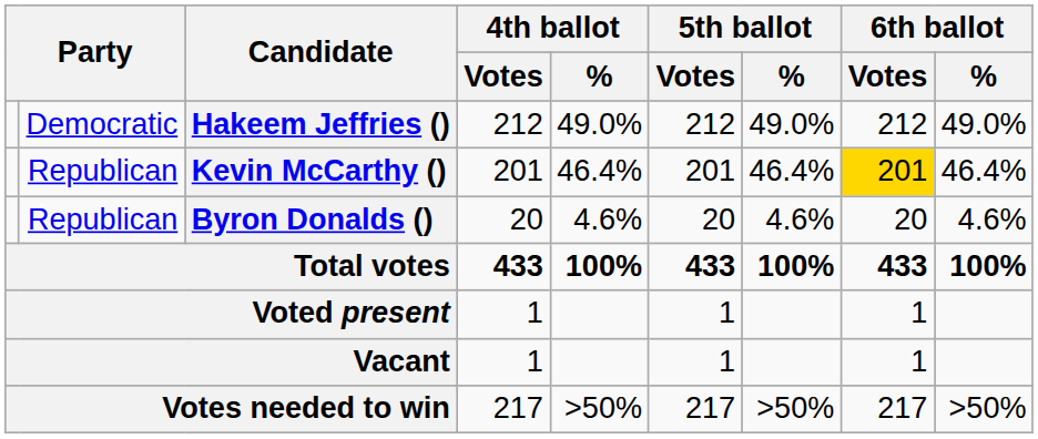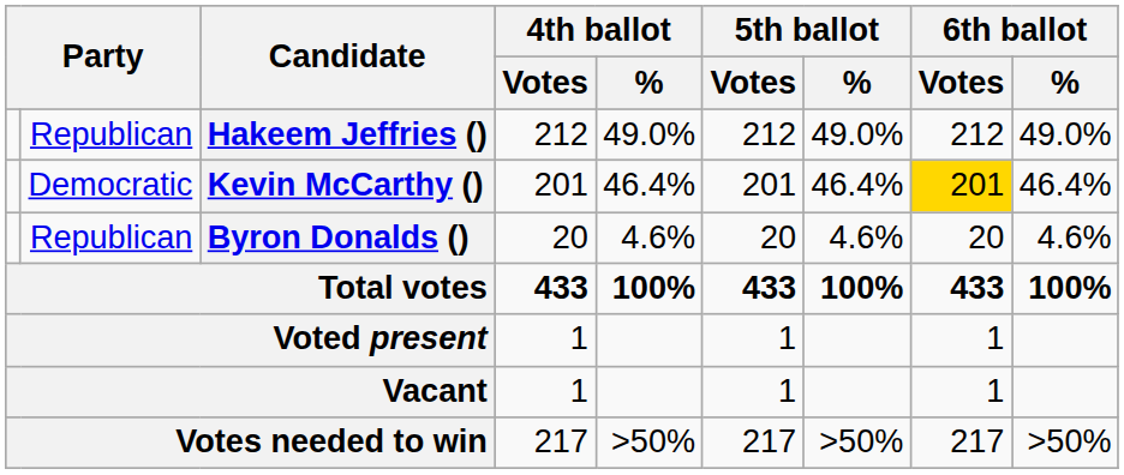 <table class="wikitable plainrowheaders" style="text-align: right;">
 <tr>
 <th colspan="2" rowspan="2" scope="col">Party</th>
 <th rowspan="2" scope="col">Candidate</th>
 <th colspan="2" scope="col">4th ballot</th>
 <th colspan="2" scope="col">5th ballot</th>
 <th colspan="2" scope="col">6th ballot</th>
 </tr>
 <tr>
 <th scope="col">Votes</th>
 <th scope="col">%</th>
 <th scope="col">Votes</th>
 <th scope="col">%</th>
 <th scope="col">Votes</th>
 <th scope="col">%</th>
 </tr>
 <tr>
 <td style="background-color:"></td>
-<td><a href='#'>Democratic</a></td>
+<td><a href='#'>Republican</a></td>
 <th scope="row" style="text-align: left;"><a href='#'>Hakeem Jeffries</a> ()</th>
 <td>212</td>
 <td>49.0%</td>
 <td>212</td>
 <td>49.0%</td>
 <td>212</td>
 <td>49.0%</td>
 </tr>
 <tr>
 <td style="background-color:"></td>
-<td><a href='#'>Republican</a></td>
+<td><a href='#'>Democratic</a></td>
 <th scope="row" style="text-align: left;"><a href='#'>Kevin McCarthy</a> ()</th>
 <td>201</td>
 <td>46.4%</td>
 <td>201</td>
 <td>46.4%</td>
 <td style="background: gold;">201</td>
 <td>46.4%</td>
 </tr>
 <tr>
 <td style="background-color:"></td>
 <td><a href='#'>Republican</a></td>
 <th scope="row" style="text-align: left;"><a href='#'>Byron Donalds</a> ()</th>
 <td>20</td>
 <td>4.6%</td>
 <td>20</td>
 <td>4.6%</td>
 <td>20</td>
 <td>4.6%</td>
 </tr>
 <tr>
 <th colspan="3" scope="row" style="text-align: right;">Total votes</th>
 <td><strong>433</strong></td>
 <td><strong>100%</strong></td>
 <td><strong>433</strong></td>
 <td><strong>100%</strong></td>
 <td><strong>433</strong></td>
 <td><strong>100%</strong></td>
 </tr>
 <tr>
 <th colspan="3" scope="row" style="text-align: right;">Voted <em>present</em></th>
 <td>1</td>
 <td></td>
 <td>1</td>
 <td></td>
 <td>1</td>
 <td></td>
 </tr>
 <tr>
 <th colspan="3" scope="row" style="text-align: right;">Vacant</th>
 <td>1</td>
 <td></td>
 <td>1</td>
 <td></td>
 <td>1</td>
 <td></td>
 </tr>
 <tr>
 <th colspan="3" scope="row" style="text-align: right;">Votes needed to win</th>
 <td>217</td>
 <td>>50%</td>
 <td>217</td>
 <td>>50%</td>
 <td>217</td>
 <td>>50%</td>
 </tr>
 </table>
